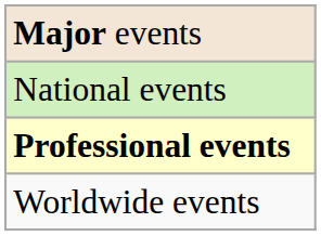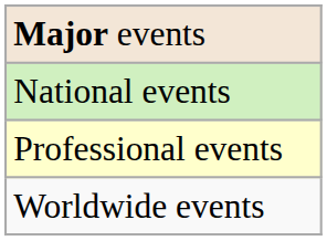 <table class="wikitable" style="font-size:95%;" width=11%>
 <tr style="background:#f3e6d7;">
 <td><strong>Major</strong> events</td>
 </tr>
 <tr style="background:#d0f0c0">
 <td>National events</td>
 </tr>
 <tr style="background:#ffc;">
-<td><strong>Professional events</strong></td>
+<td>Professional events</td>
 </tr>
 <tr>
 <td>Worldwide events</td>
 </tr>
 </table>
